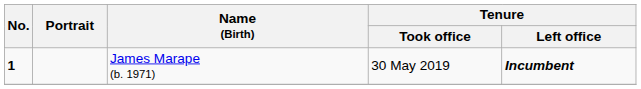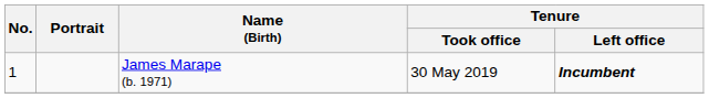 <table class="wikitable">
 <tr>
 <th scope="col" style="width:20px;" rowspan="2">No.</th>
 <th scope="col" style="width:80px;" rowspan="2">Portrait</th>
 <th scope="col" style="width:300px;" rowspan="2">Name<br><small>(Birth)</small></th>
 <th scope="col" style="width:300px;" colspan="2">Tenure</th>
 </tr>
 <tr>
 <th scope="col" style="width:150px;">Took office</th>
 <th scope="col" style="width:150px;">Left office</th>
 </tr>
 <tr>
-<td><strong>1</strong></td>
+<td>1</td>
 <td style="text-align: center;"></td>
 <td><a href='#'>James Marape</a><br><small>(b. 1971)</small></td>
 <td>30 May 2019</td>
 <td><strong><em>Incumbent</em></strong></td>
 </tr>
 <tr>
 </tr>
 </table>
